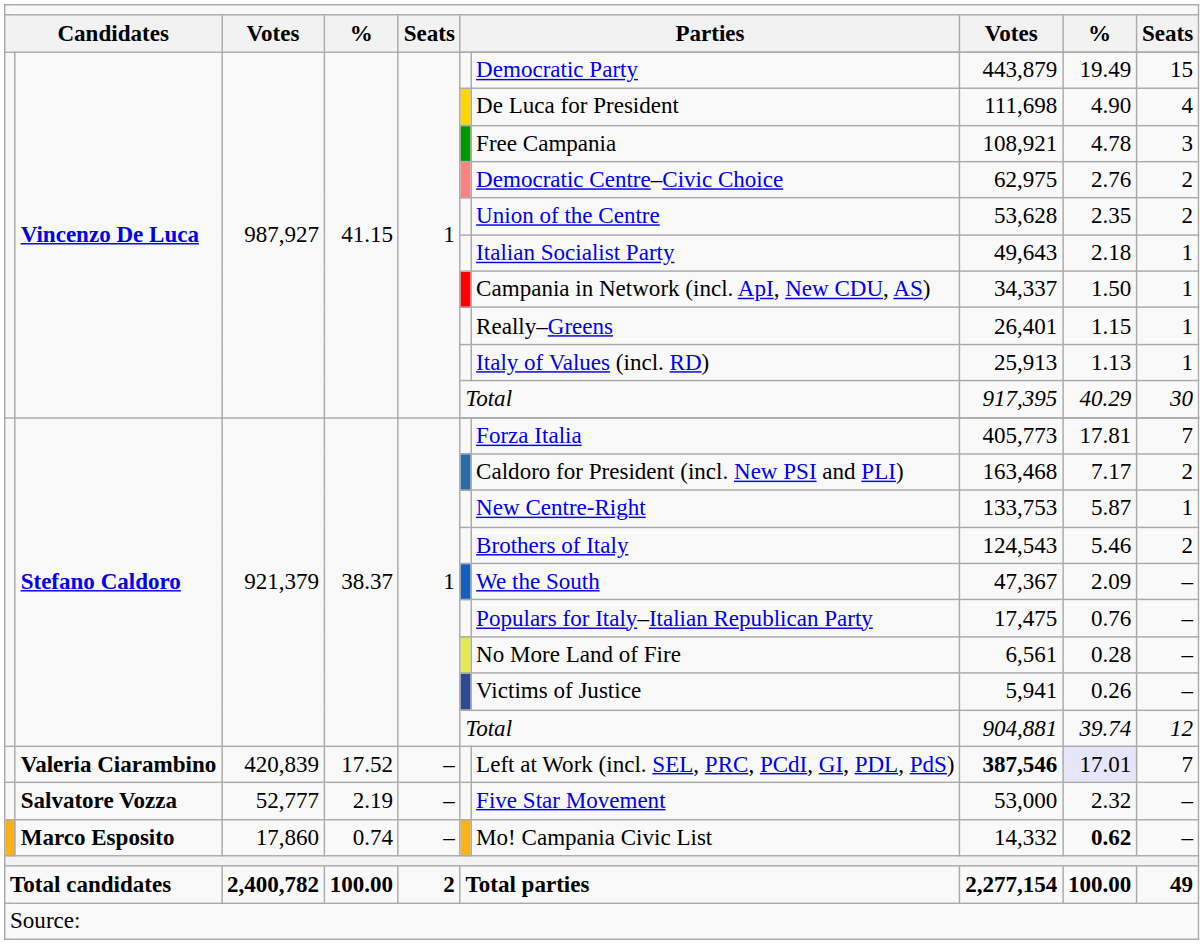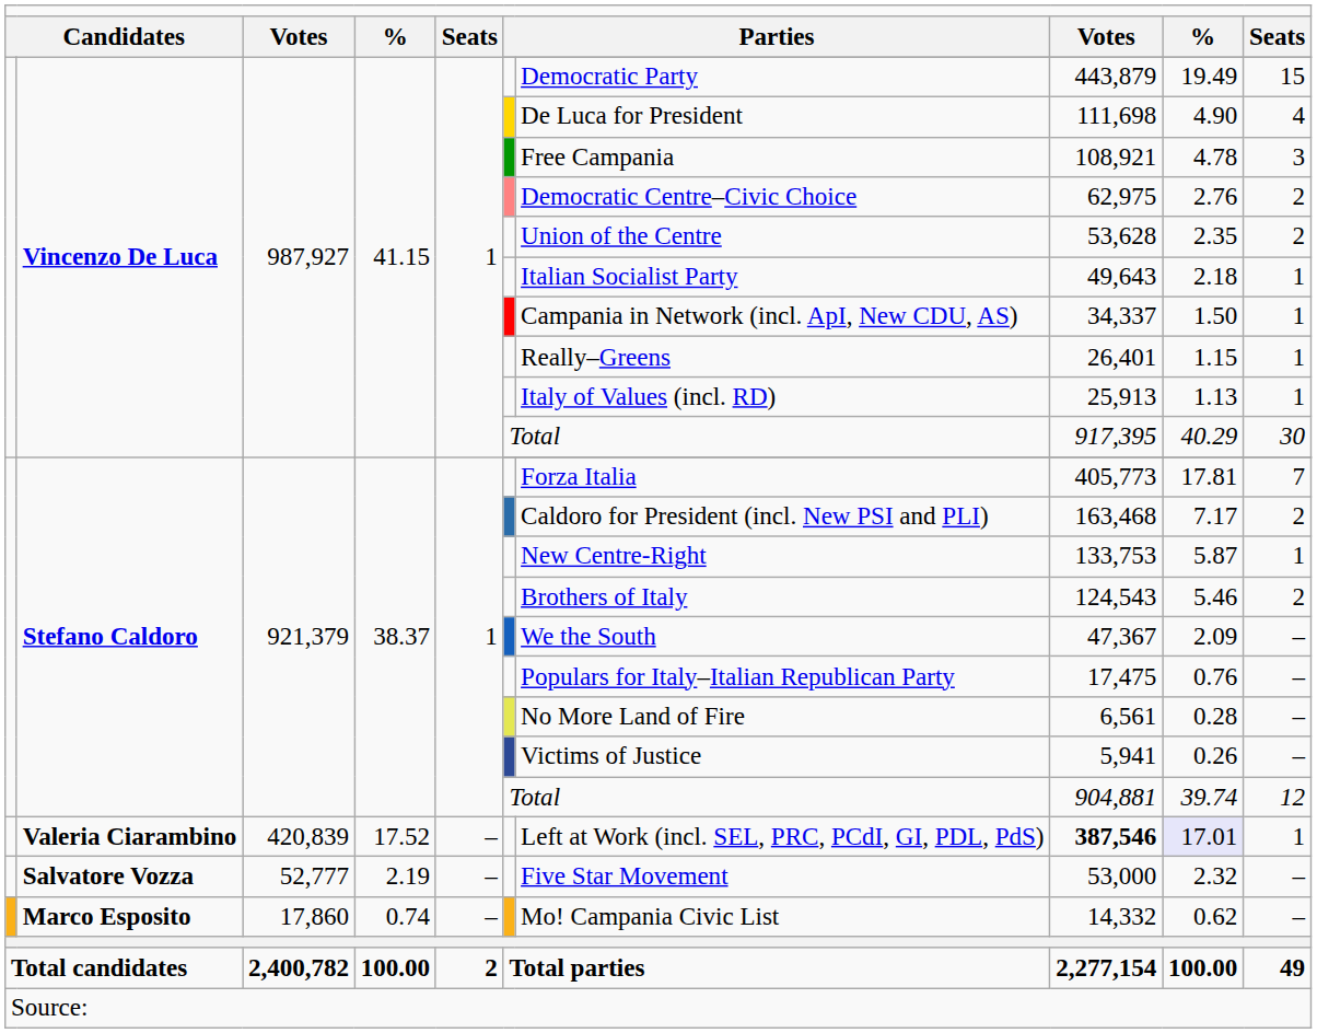 <table class="wikitable">
 <tr>
 <td colspan=10></td>
 </tr>
 <tr>
 <th colspan=2>Candidates</th>
 <th>Votes</th>
 <th>%</th>
 <th>Seats</th>
 <th colspan=2>Parties</th>
 <th>Votes</th>
 <th>%</th>
 <th>Seats</th>
 </tr>
 <tr>
 <td rowspan=11></td>
 <td rowspan=11><strong><a href='#'>Vincenzo De Luca</a></strong></td>
 <td rowspan=11 align=right>987,927</td>
 <td rowspan=11 align=right>41.15</td>
 <td rowspan=11 align=right>1</td>
 </tr>
 <tr>
 <td></td>
 <td><a href='#'>Democratic Party</a></td>
 <td align=right>443,879</td>
 <td align=right>19.49</td>
 <td align=right>15</td>
 </tr>
 <tr>
 <td bgcolor="gold"></td>
 <td>De Luca for President</td>
 <td align=right>111,698</td>
 <td align=right>4.90</td>
 <td align=right>4</td>
 </tr>
 <tr>
 <td bgcolor="#009800"></td>
 <td>Free Campania</td>
 <td align=right>108,921</td>
 <td align=right>4.78</td>
 <td align=right>3</td>
 </tr>
 <tr>
 <td bgcolor="#FF8282"></td>
 <td><a href='#'>Democratic Centre</a>–<a href='#'>Civic Choice</a></td>
 <td align=right>62,975</td>
 <td align=right>2.76</td>
 <td align=right>2</td>
 </tr>
 <tr>
 <td></td>
 <td><a href='#'>Union of the Centre</a></td>
 <td align=right>53,628</td>
 <td align=right>2.35</td>
 <td align=right>2</td>
 </tr>
 <tr>
 <td></td>
 <td><a href='#'>Italian Socialist Party</a></td>
 <td align=right>49,643</td>
 <td align=right>2.18</td>
 <td align=right>1</td>
 </tr>
 <tr>
 <td bgcolor="red"></td>
 <td>Campania in Network (incl. <a href='#'>ApI</a>, <a href='#'>New CDU</a>, <a href='#'>AS</a>)</td>
 <td align=right>34,337</td>
 <td align=right>1.50</td>
 <td align=right>1</td>
 </tr>
 <tr>
 <td></td>
 <td>Really–<a href='#'>Greens</a></td>
 <td align=right>26,401</td>
 <td align=right>1.15</td>
 <td align=right>1</td>
 </tr>
 <tr>
 <td></td>
 <td><a href='#'>Italy of Values</a> (incl. <a href='#'>RD</a>)</td>
 <td align=right>25,913</td>
 <td align=right>1.13</td>
 <td align=right>1</td>
 </tr>
 <tr>
 <td colspan=2><em>Total</em></td>
 <td align=right><em>917,395</em></td>
 <td align=right><em>40.29</em></td>
 <td align=right><em>30</em></td>
 </tr>
 <tr>
 <td rowspan=10></td>
 <td rowspan=10><strong><a href='#'>Stefano Caldoro</a></strong></td>
 <td rowspan=10 align=right>921,379</td>
 <td rowspan=10 align=right>38.37</td>
 <td rowspan=10 align=right>1</td>
 </tr>
 <tr>
 <td></td>
 <td><a href='#'>Forza Italia</a></td>
 <td align=right>405,773</td>
 <td align=right>17.81</td>
 <td align=right>7</td>
 </tr>
 <tr>
 <td bgcolor="#2A6CA9"></td>
 <td>Caldoro for President (incl. <a href='#'>New PSI</a> and <a href='#'>PLI</a>)</td>
 <td align=right>163,468</td>
 <td align=right>7.17</td>
 <td align=right>2</td>
 </tr>
 <tr>
 <td></td>
 <td><a href='#'>New Centre-Right</a></td>
 <td align=right>133,753</td>
 <td align=right>5.87</td>
 <td align=right>1</td>
 </tr>
 <tr>
 <td></td>
 <td><a href='#'>Brothers of Italy</a></td>
 <td align=right>124,543</td>
 <td align=right>5.46</td>
 <td align=right>2</td>
 </tr>
 <tr>
 <td bgcolor="#1560BD"></td>
 <td><a href='#'>We the South</a></td>
 <td align=right>47,367</td>
 <td align=right>2.09</td>
 <td align=right>–</td>
 </tr>
 <tr>
 <td></td>
 <td><a href='#'>Populars for Italy</a>–<a href='#'>Italian Republican Party</a></td>
 <td align=right>17,475</td>
 <td align=right>0.76</td>
 <td align=right>–</td>
 </tr>
 <tr>
 <td bgcolor="#E4E853"></td>
 <td>No More Land of Fire</td>
 <td align=right>6,561</td>
 <td align=right>0.28</td>
 <td align=right>–</td>
 </tr>
 <tr>
 <td bgcolor="#2D4995"></td>
 <td>Victims of Justice</td>
 <td align=right>5,941</td>
 <td align=right>0.26</td>
 <td align=right>–</td>
 </tr>
 <tr>
 <td colspan=2><em>Total</em></td>
 <td align=right><em>904,881</em></td>
 <td align=right><em>39.74</em></td>
 <td align=right><em>12</em></td>
 </tr>
 <tr>
 <td></td>
 <td><strong>Valeria Ciarambino</strong></td>
 <td align=right>420,839</td>
 <td align=right>17.52</td>
 <td align=right>–</td>
 <td></td>
 <td>Left at Work (incl. <a href='#'>SEL</a>, <a href='#'>PRC</a>, <a href='#'>PCdI</a>, <a href='#'>GI</a>, <a href='#'>PDL</a>, <a href='#'>PdS</a>)</td>
 <td align=right><strong>387,546</strong></td>
 <td align=right style="background: lavender;">17.01</td>
-<td align=right>7</td>
+<td align=right>1</td>
 </tr>
 <tr>
 <td></td>
 <td><strong>Salvatore Vozza</strong></td>
 <td align=right>52,777</td>
 <td align=right>2.19</td>
 <td align=right>–</td>
 <td></td>
 <td><a href='#'>Five Star Movement</a></td>
 <td align=right>53,000</td>
 <td align=right>2.32</td>
 <td align=right>–</td>
 </tr>
 <tr>
 <td bgcolor="#FBB117"></td>
 <td><strong>Marco Esposito</strong></td>
 <td align=right>17,860</td>
 <td align=right>0.74</td>
 <td align=right>–</td>
 <td bgcolor="#FBB117"></td>
 <td>Mo! Campania Civic List</td>
 <td align=right>14,332</td>
-<td align=right><strong>0.62</strong></td>
+<td align=right>0.62</td>
 <td align=right>–</td>
 </tr>
 <tr>
 <th colspan=10></th>
 </tr>
 <tr>
 <td colspan=2><strong>Total candidates</strong></td>
 <td align=right><strong>2,400,782</strong></td>
 <td align=right><strong>100.00</strong></td>
 <td align=right><strong>2</strong></td>
 <td colspan=2><strong>Total parties</strong></td>
 <td align=right><strong>2,277,154</strong></td>
 <td align=right><strong>100.00</strong></td>
 <td align=right><strong>49</strong></td>
 </tr>
 <tr>
 <td colspan=10>Source: </td>
 </tr>
 </table>
